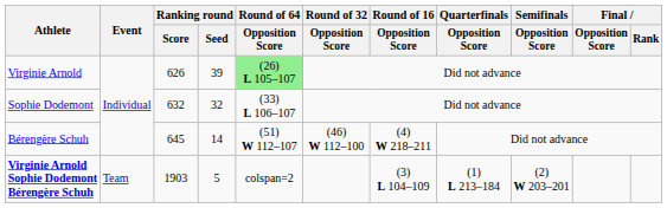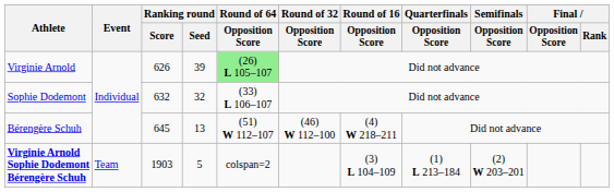 <table class="wikitable" style="font-size:90%">
 <tr>
 <th rowspan="2">Athlete</th>
 <th rowspan="2">Event</th>
 <th colspan="2">Ranking round</th>
 <th>Round of 64</th>
 <th>Round of 32</th>
 <th>Round of 16</th>
 <th>Quarterfinals</th>
 <th>Semifinals</th>
 <th colspan="2">Final / </th>
 </tr>
 <tr style="font-size:95%">
 <th>Score</th>
 <th>Seed</th>
 <th>Opposition<br>Score</th>
 <th>Opposition<br>Score</th>
 <th>Opposition<br>Score</th>
 <th>Opposition<br>Score</th>
 <th>Opposition<br>Score</th>
 <th>Opposition<br>Score</th>
 <th>Rank</th>
 </tr>
 <tr align=center>
 <td align=left><a href='#'>Virginie Arnold</a></td>
 <td align=left rowspan=3><a href='#'>Individual</a></td>
 <td>626</td>
 <td>39</td>
 <td style="background: lightgreen;"> (26)<br><strong>L</strong> 105–107</td>
 <td colspan=6>Did not advance</td>
 </tr>
 <tr align=center>
 <td align=left><a href='#'>Sophie Dodemont</a></td>
 <td>632</td>
 <td>32</td>
 <td> (33)<br><strong>L</strong> 106–107</td>
 <td colspan=6>Did not advance</td>
 </tr>
 <tr align=center>
 <td align=left><a href='#'>Bérengère Schuh</a></td>
 <td>645</td>
-<td>14</td>
+<td>13</td>
 <td> (51)<br><strong>W</strong> 112–107</td>
 <td> (46)<br><strong>W</strong> 112–100</td>
 <td> (4)<br><strong>W</strong> 218–211</td>
 <td colspan=4>Did not advance</td>
 </tr>
 <tr align=center>
 <td align=left><strong><a href='#'>Virginie Arnold</a><br><a href='#'>Sophie Dodemont</a><br><a href='#'>Bérengère Schuh</a></strong></td>
 <td align=left><a href='#'>Team</a></td>
 <td>1903</td>
 <td>5</td>
 <td>colspan=2 </td>
 <td></td>
 <td> (3)<br><strong>L</strong> 104–109</td>
 <td> (1)<br><strong>L</strong> 213–184</td>
 <td> (2)<br><strong>W</strong> 203–201</td>
 <td></td>
 </tr>
 </table>
